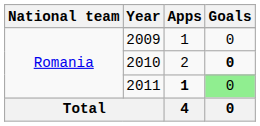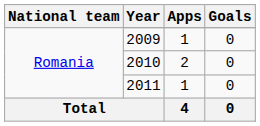 <table class=wikitable style="text-align: center;">
 <tr>
 <th>National team</th>
 <th>Year</th>
 <th>Apps</th>
 <th>Goals</th>
 </tr>
 <tr>
 <td rowspan="4"><a href='#'>Romania</a></td>
 </tr>
 <tr>
 <td>2009</td>
 <td>1</td>
 <td>0</td>
 </tr>
 <tr>
 <td>2010</td>
 <td>2</td>
-<td><strong>0</strong></td>
+<td>0</td>
 </tr>
 <tr>
 <td>2011</td>
-<td><strong>1</strong></td>
-<td style="background: lightgreen;">0</td>
+<td>1</td>
+<td>0</td>
 </tr>
 <tr>
 <th colspan=2>Total</th>
 <th>4</th>
 <th>0</th>
 </tr>
 </table>
